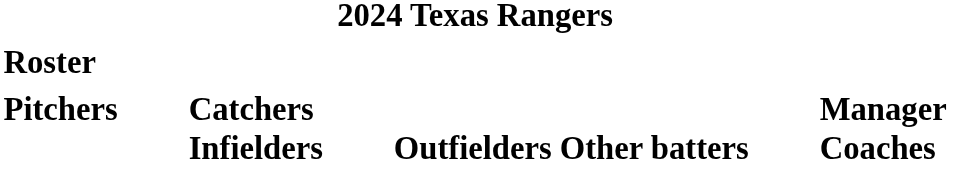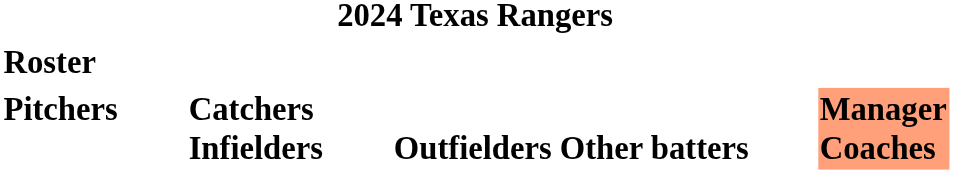 <table class="toccolours" style="font-size: 95%;">
 <tr>
 <th colspan="10">2024 Texas Rangers</th>
 </tr>
 <tr>
 <td colspan="10"><strong>Roster</strong></td>
 </tr>
 <tr>
 <td valign="top"><strong>Pitchers</strong><br>                                </td>
 <td style="width:25px;"></td>
 <td valign="top"><strong>Catchers</strong><br>    <strong>Infielders</strong>           </td>
 <td width="25px"></td>
 <td valign="top"><br><strong>Outfielders</strong>         <strong>Other batters</strong> </td>
 <td style="width:25px;"></td>
-<td valign="top"><strong>Manager</strong><br> <strong>Coaches</strong>                  </td>
+<td valign="top" style="background: lightsalmon;"><strong>Manager</strong><br> <strong>Coaches</strong>                  </td>
 </tr>
 </table>
